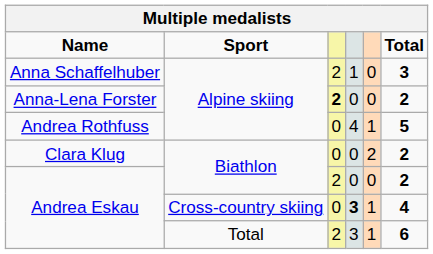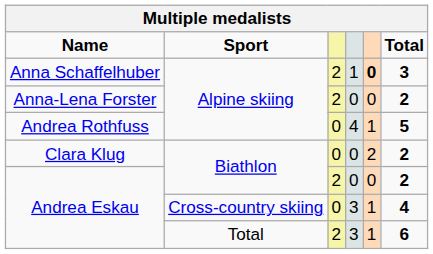 <table class=wikitable style="font-size:85%; float:right; clear:right; min-width:308px">
 <tr>
 <th colspan=6>Multiple medalists</th>
 </tr>
 <tr align="center">
 <td><strong>Name</strong></td>
 <td><strong>Sport</strong></td>
 <td bgcolor=#F7F6A8></td>
 <td bgcolor=#DCE5E5></td>
 <td bgcolor=#FFDAB9></td>
 <td><strong>Total</strong></td>
 </tr>
 <tr align="center">
 <td><a href='#'>Anna Schaffelhuber</a></td>
 <td rowspan=3><a href='#'>Alpine skiing</a></td>
 <td bgcolor=#F7F6A8>2</td>
 <td bgcolor=#DCE5E5>1</td>
-<td bgcolor=#FFDAB9>0</td>
+<td bgcolor=#FFDAB9><strong>0</strong></td>
 <td><strong>3</strong></td>
 </tr>
 <tr align="center">
 <td><a href='#'>Anna-Lena Forster</a></td>
-<td bgcolor=#F7F6A8><strong>2</strong></td>
+<td bgcolor=#F7F6A8>2</td>
 <td bgcolor=#DCE5E5>0</td>
 <td bgcolor=#FFDAB9>0</td>
 <td><strong>2</strong></td>
 </tr>
 <tr align="center">
 <td><a href='#'>Andrea Rothfuss</a></td>
 <td bgcolor=#F7F6A8>0</td>
 <td bgcolor=#DCE5E5>4</td>
 <td bgcolor=#FFDAB9>1</td>
 <td><strong>5</strong></td>
 </tr>
 <tr align="center">
 <td><a href='#'>Clara Klug</a><br></td>
 <td rowspan=2><a href='#'>Biathlon</a></td>
 <td bgcolor=#F7F6A8>0</td>
 <td bgcolor=#DCE5E5>0</td>
 <td bgcolor=#FFDAB9>2</td>
 <td><strong>2</strong></td>
 </tr>
 <tr align="center">
 <td rowspan=3><a href='#'>Andrea Eskau</a></td>
 <td bgcolor=#F7F6A8>2</td>
 <td bgcolor=#DCE5E5>0</td>
 <td bgcolor=#FFDAB9>0</td>
 <td><strong>2</strong></td>
 </tr>
 <tr align="center">
 <td><a href='#'>Cross-country skiing</a></td>
 <td bgcolor=#F7F6A8>0</td>
-<td bgcolor=#DCE5E5><strong>3</strong></td>
+<td bgcolor=#DCE5E5>3</td>
 <td bgcolor=#FFDAB9>1</td>
 <td><strong>4</strong></td>
 </tr>
 <tr align="center">
 <td>Total</td>
 <td bgcolor=#F7F6A8>2</td>
 <td bgcolor=#DCE5E5>3</td>
 <td bgcolor=#FFDAB9>1</td>
 <td><strong>6</strong></td>
 </tr>
 </table>
